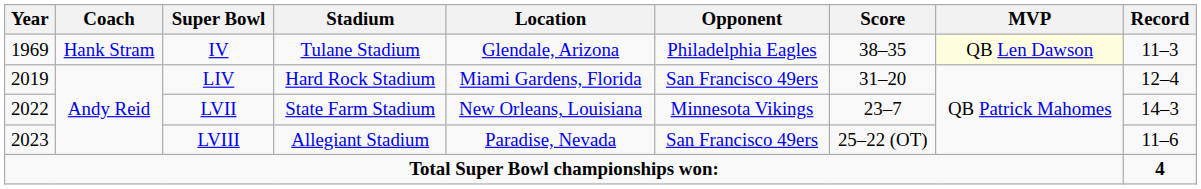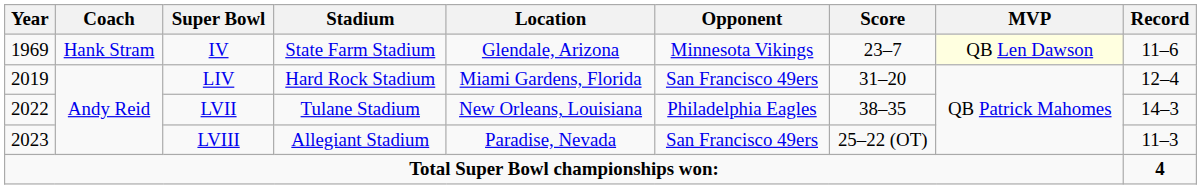 <table class="wikitable" style="width:80%;text-align:center">
 <tr>
 <th>Year</th>
 <th>Coach</th>
 <th>Super Bowl</th>
 <th>Stadium</th>
 <th>Location</th>
 <th>Opponent</th>
 <th>Score</th>
 <th>MVP</th>
 <th>Record</th>
 </tr>
 <tr>
 <td>1969</td>
 <td><a href='#'>Hank Stram</a></td>
 <td><a href='#'>IV</a></td>
-<td><a href='#'>Tulane Stadium</a></td>
+<td><a href='#'>State Farm Stadium</a></td>
 <td><a href='#'>Glendale, Arizona</a></td>
-<td><a href='#'>Philadelphia Eagles</a></td>
-<td>38–35</td>
+<td><a href='#'>Minnesota Vikings</a></td>
+<td>23–7</td>
 <td style="background: lightyellow;">QB <a href='#'>Len Dawson</a></td>
-<td>11–3</td>
+<td>11–6</td>
 </tr>
 <tr>
 <td>2019</td>
 <td rowspan="3"><a href='#'>Andy Reid</a></td>
 <td><a href='#'>LIV</a></td>
 <td><a href='#'>Hard Rock Stadium</a></td>
 <td><a href='#'>Miami Gardens, Florida</a></td>
 <td><a href='#'>San Francisco 49ers</a></td>
 <td>31–20</td>
 <td rowspan="3">QB <a href='#'>Patrick Mahomes</a></td>
 <td>12–4</td>
 </tr>
 <tr>
 <td>2022</td>
 <td><a href='#'>LVII</a></td>
-<td><a href='#'>State Farm Stadium</a></td>
+<td><a href='#'>Tulane Stadium</a></td>
 <td><a href='#'>New Orleans, Louisiana</a></td>
-<td><a href='#'>Minnesota Vikings</a></td>
-<td>23–7</td>
+<td><a href='#'>Philadelphia Eagles</a></td>
+<td>38–35</td>
 <td>14–3</td>
 </tr>
 <tr>
 <td>2023</td>
 <td><a href='#'>LVIII</a></td>
 <td><a href='#'>Allegiant Stadium</a></td>
 <td><a href='#'>Paradise, Nevada</a></td>
 <td><a href='#'>San Francisco 49ers</a></td>
 <td>25–22 (OT)</td>
-<td>11–6</td>
+<td>11–3</td>
 </tr>
 <tr style="text-align:center;">
 <td colspan="8"><strong>Total Super Bowl championships won:</strong></td>
 <td><strong>4</strong></td>
 </tr>
 </table>
